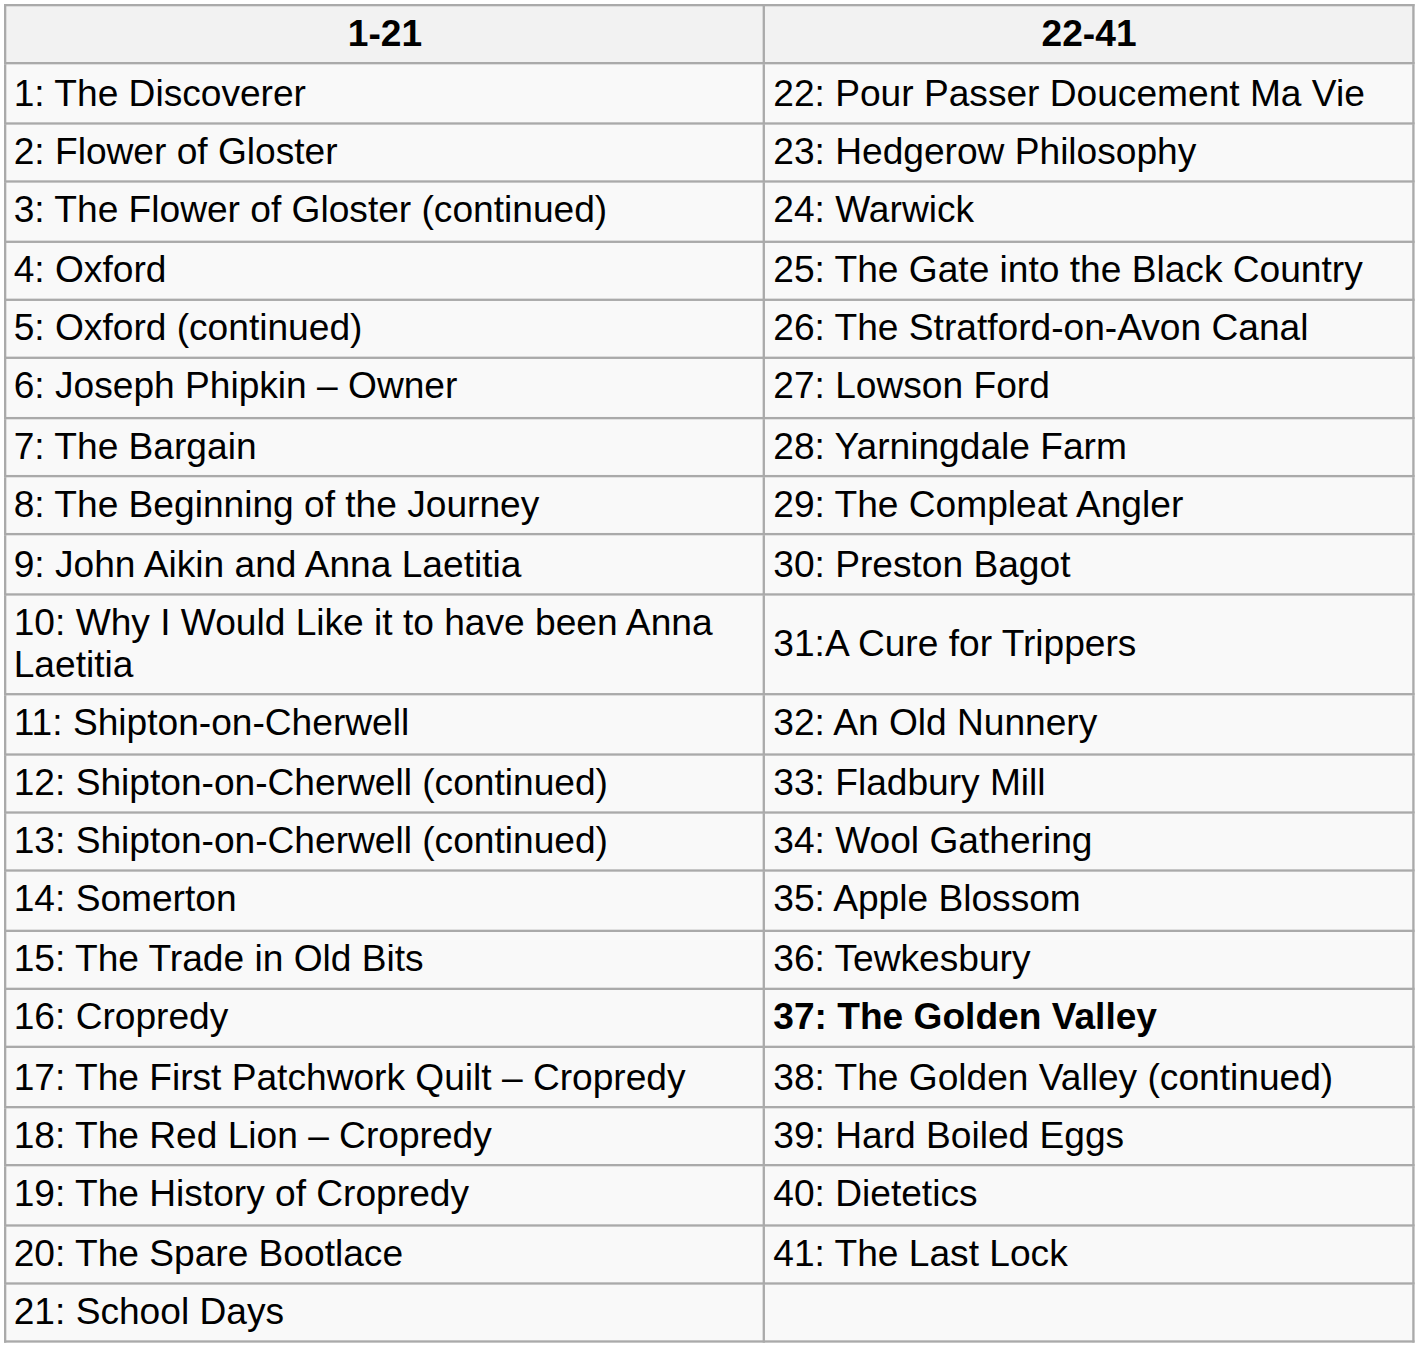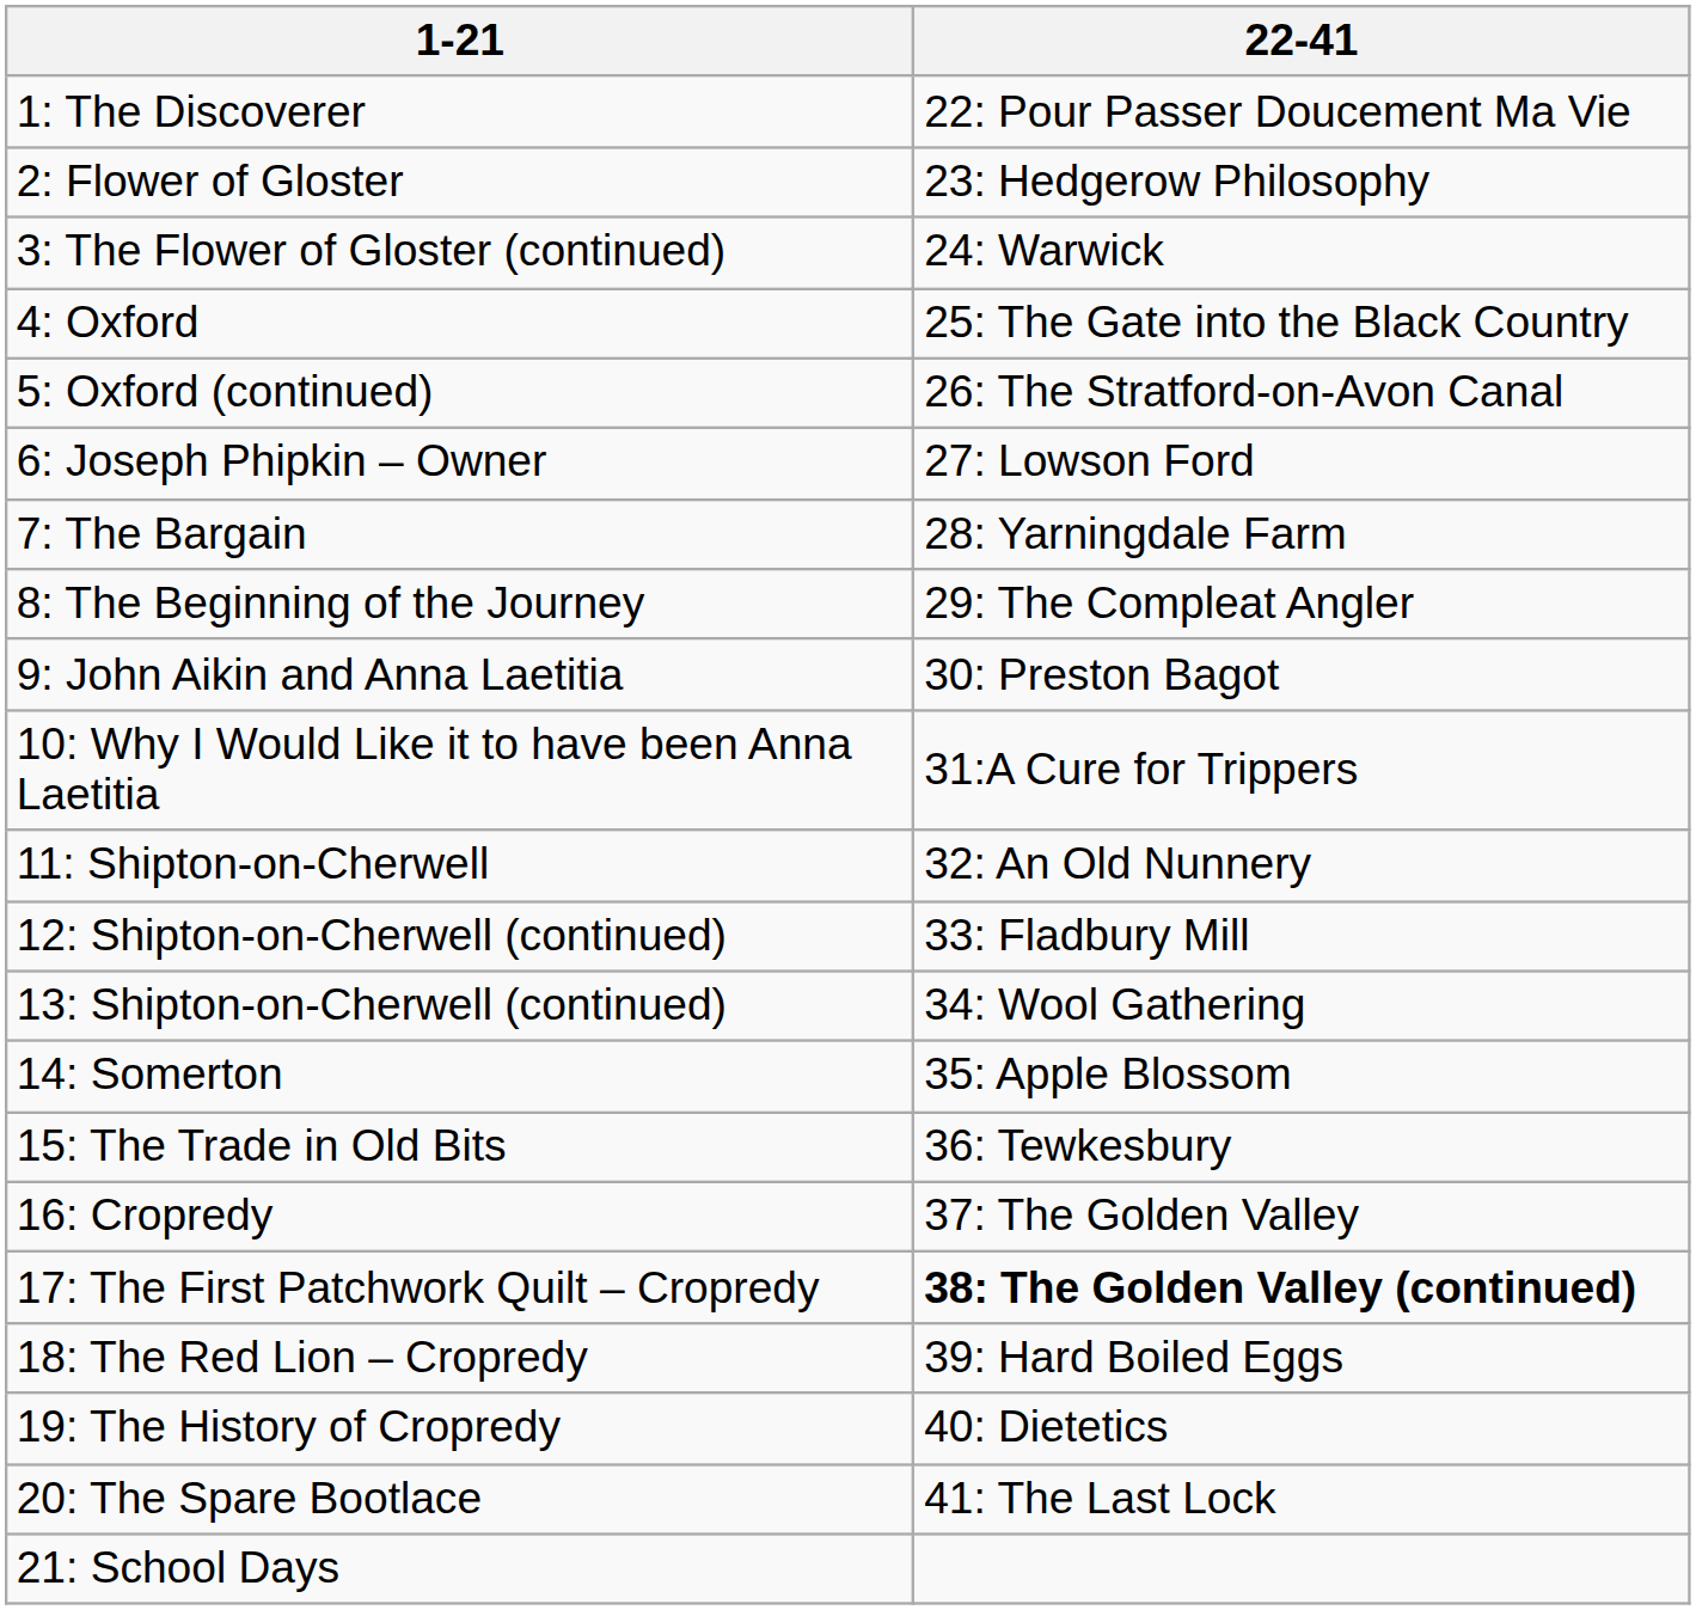 <table class="wikitable">
 <tr>
 <th scope="col" style="width: 330px;">1-21</th>
 <th scope="col" style="width: 280px;">22-41</th>
 </tr>
 <tr>
 <td>1: The Discoverer</td>
 <td>22: Pour Passer Doucement Ma Vie</td>
 </tr>
 <tr>
 <td>2: Flower of Gloster</td>
 <td>23: Hedgerow Philosophy</td>
 </tr>
 <tr>
 <td>3: The Flower of Gloster (continued)</td>
 <td>24: Warwick</td>
 </tr>
 <tr>
 <td>4: Oxford</td>
 <td>25: The Gate into the Black Country</td>
 </tr>
 <tr>
 <td>5: Oxford (continued)</td>
 <td>26: The Stratford-on-Avon Canal</td>
 </tr>
 <tr>
 <td>6: Joseph Phipkin – Owner</td>
 <td>27: Lowson Ford</td>
 </tr>
 <tr>
 <td>7: The Bargain</td>
 <td>28: Yarningdale Farm</td>
 </tr>
 <tr>
 <td>8: The Beginning of the Journey</td>
 <td>29: The Compleat Angler</td>
 </tr>
 <tr>
 <td>9: John Aikin and Anna Laetitia</td>
 <td>30: Preston Bagot</td>
 </tr>
 <tr>
 <td>10: Why I Would Like it to have been Anna Laetitia</td>
 <td>31:A Cure for Trippers</td>
 </tr>
 <tr>
 <td>11: Shipton-on-Cherwell</td>
 <td>32: An Old Nunnery</td>
 </tr>
 <tr |->
 <td>12: Shipton-on-Cherwell (continued)</td>
 <td>33: Fladbury Mill</td>
 </tr>
 <tr>
 <td>13: Shipton-on-Cherwell (continued)</td>
 <td>34: Wool Gathering</td>
 </tr>
 <tr>
 <td>14: Somerton</td>
 <td>35: Apple Blossom</td>
 </tr>
 <tr>
 <td>15: The Trade in Old Bits</td>
 <td>36: Tewkesbury</td>
 </tr>
 <tr>
 <td>16: Cropredy</td>
-<td><strong>37: The Golden Valley</strong></td>
+<td>37: The Golden Valley</td>
 </tr>
 <tr>
 <td>17: The First Patchwork Quilt – Cropredy</td>
-<td>38: The Golden Valley (continued)</td>
+<td><strong>38: The Golden Valley (continued)</strong></td>
 </tr>
 <tr>
 <td>18: The Red Lion – Cropredy</td>
 <td>39: Hard Boiled Eggs</td>
 </tr>
 <tr>
 <td>19: The History of Cropredy</td>
 <td>40: Dietetics</td>
 </tr>
 <tr>
 <td>20: The Spare Bootlace</td>
 <td>41: The Last Lock</td>
 </tr>
 <tr>
 <td>21: School Days</td>
 <td></td>
 </tr>
 </table>
